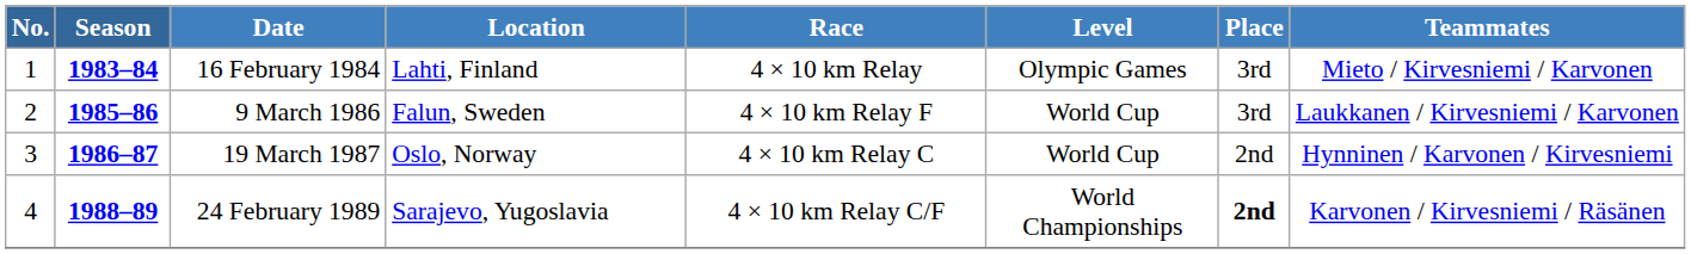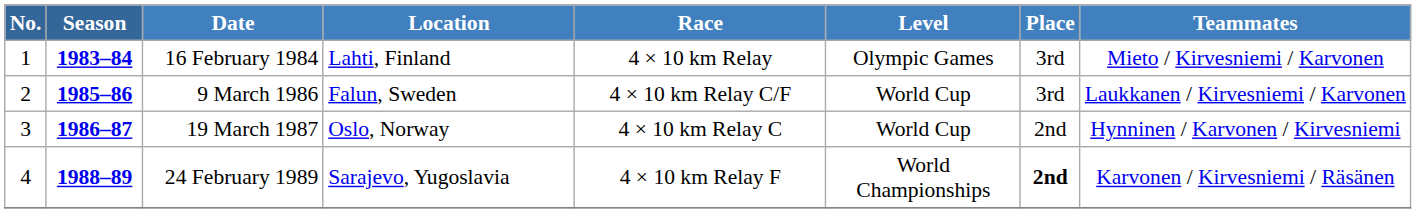 <table class="wikitable sortable" style="font-size:95%; text-align:center; border:grey solid 1px; border-collapse:collapse; background:#ffffff;">
 <tr style="background:#efefef;">
 <th style="background-color:#369; color:white;">No.</th>
 <th style="background-color:#369; color:white;">Season</th>
 <th style="background-color:#4180be; color:white; width:120px;">Date</th>
 <th style="background-color:#4180be; color:white; width:170px;">Location</th>
 <th style="background-color:#4180be; color:white; width:170px;">Race</th>
 <th style="background-color:#4180be; color:white; width:130px;">Level</th>
 <th style="background-color:#4180be; color:white;">Place</th>
 <th style="background-color:#4180be; color:white;">Teammates</th>
 </tr>
 <tr>
 <td align=center>1</td>
 <td rowspan=1 align=center><strong> <a href='#'>1983–84</a> </strong></td>
 <td align=right>16 February 1984</td>
 <td align=left> <a href='#'>Lahti</a>, Finland</td>
 <td>4 × 10 km Relay</td>
 <td>Olympic Games</td>
 <td>3rd</td>
 <td><a href='#'>Mieto</a> / <a href='#'>Kirvesniemi</a> / <a href='#'>Karvonen</a></td>
 </tr>
 <tr>
 <td align=center>2</td>
 <td rowspan=1 align=center><strong> <a href='#'>1985–86</a> </strong></td>
 <td align=right>9 March 1986</td>
 <td align=left> <a href='#'>Falun</a>, Sweden</td>
-<td>4 × 10 km Relay F</td>
+<td>4 × 10 km Relay C/F</td>
 <td>World Cup</td>
 <td>3rd</td>
 <td><a href='#'>Laukkanen</a> / <a href='#'>Kirvesniemi</a> / <a href='#'>Karvonen</a></td>
 </tr>
 <tr>
 <td align=center>3</td>
 <td rowspan=1 align=center><strong> <a href='#'>1986–87</a> </strong></td>
 <td align=right>19 March 1987</td>
 <td align=left> <a href='#'>Oslo</a>, Norway</td>
 <td>4 × 10 km Relay C</td>
 <td>World Cup</td>
 <td>2nd</td>
 <td><a href='#'>Hynninen</a> / <a href='#'>Karvonen</a> / <a href='#'>Kirvesniemi</a></td>
 </tr>
 <tr>
 <td align=center>4</td>
 <td rowspan=1 align=center><strong> <a href='#'>1988–89</a> </strong></td>
 <td align=right>24 February 1989</td>
 <td align=left> <a href='#'>Sarajevo</a>, Yugoslavia</td>
-<td>4 × 10 km Relay C/F</td>
+<td>4 × 10 km Relay F</td>
 <td>World Championships</td>
 <td><strong>2nd</strong></td>
 <td><a href='#'>Karvonen</a> / <a href='#'>Kirvesniemi</a> / <a href='#'>Räsänen</a></td>
 </tr>
 <tr>
 </tr>
 </table>
